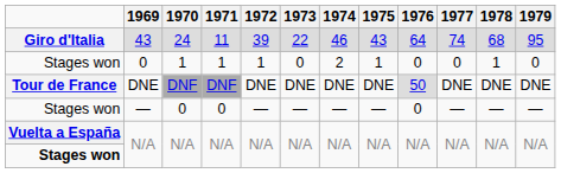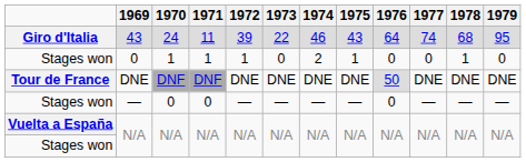 <table class="wikitable">
 <tr>
 <td></td>
 <th scope="col">1969</th>
 <th scope="col">1970</th>
 <th scope="col">1971</th>
 <th scope="col">1972</th>
 <th scope="col">1973</th>
 <th scope="col">1974</th>
 <th scope="col">1975</th>
 <th scope="col">1976</th>
 <th scope="col">1977</th>
 <th scope="col">1978</th>
 <th scope="col">1979</th>
 </tr>
 <tr>
 <th><a href='#'>Giro d'Italia</a></th>
 <td align="center" style="background:#DDDDDD;"><a href='#'>43</a></td>
 <td align="center" style="background:#DDDDDD;"><a href='#'>24</a></td>
 <td align="center" style="background:#DDDDDD;"><a href='#'>11</a></td>
 <td align="center" style="background:#DDDDDD;"><a href='#'>39</a></td>
 <td align="center" style="background:#DDDDDD;"><a href='#'>22</a></td>
 <td align="center" style="background:#DDDDDD;"><a href='#'>46</a></td>
 <td align="center" style="background:#DDDDDD;"><a href='#'>43</a></td>
 <td align="center" style="background:#DDDDDD;"><a href='#'>64</a></td>
 <td align="center" style="background:#DDDDDD;"><a href='#'>74</a></td>
 <td align="center" style="background:#DDDDDD;"><a href='#'>68</a></td>
 <td align="center" style="background:#DDDDDD;"><a href='#'>95</a></td>
 </tr>
 <tr>
 <td align="right">Stages won</td>
 <td align="center">0</td>
 <td align="center">1</td>
 <td align="center">1</td>
 <td align="center">1</td>
 <td align="center">0</td>
 <td align="center">2</td>
 <td align="center">1</td>
 <td align="center">0</td>
 <td align="center">0</td>
 <td align="center">1</td>
 <td align="center">0</td>
 </tr>
 <tr>
 <th><a href='#'>Tour de France</a></th>
 <td align="center">DNE</td>
 <td align="center" style="background:#AAAAAA;"><a href='#'>DNF</a></td>
 <td align="center" style="background:#AAAAAA;"><a href='#'>DNF</a></td>
 <td align="center">DNE</td>
 <td align="center">DNE</td>
 <td align="center">DNE</td>
 <td align="center">DNE</td>
 <td align="center" style="background:#DDDDDD;"><a href='#'>50</a></td>
 <td align="center">DNE</td>
 <td align="center">DNE</td>
 <td align="center">DNE</td>
 </tr>
 <tr>
 <td align="right">Stages won</td>
 <td align="center">—</td>
 <td align="center">0</td>
 <td align="center">0</td>
 <td align="center">—</td>
 <td align="center">—</td>
 <td align="center">—</td>
 <td align="center">—</td>
 <td align="center">0</td>
 <td align="center">—</td>
 <td align="center">—</td>
 <td align="center">—</td>
 </tr>
 <tr>
 <th><a href='#'>Vuelta a España</a></th>
 <td rowspan=2 align="center" style="color:#888888;">N/A</td>
 <td rowspan=2 align="center" style="color:#888888;">N/A</td>
 <td rowspan=2 align="center" style="color:#888888;">N/A</td>
 <td rowspan=2 align="center" style="color:#888888;">N/A</td>
 <td rowspan=2 align="center" style="color:#888888;">N/A</td>
 <td rowspan=2 align="center" style="color:#888888;">N/A</td>
 <td rowspan=2 align="center" style="color:#888888;">N/A</td>
 <td rowspan=2 align="center" style="color:#888888;">N/A</td>
 <td rowspan=2 align="center" style="color:#888888;">N/A</td>
 <td rowspan=2 align="center" style="color:#888888;">N/A</td>
 <td rowspan=2 align="center" style="color:#888888;">N/A</td>
 </tr>
 <tr>
-<td align="right"><strong>Stages won</strong></td>
+<td align="right">Stages won</td>
 </tr>
 </table>
